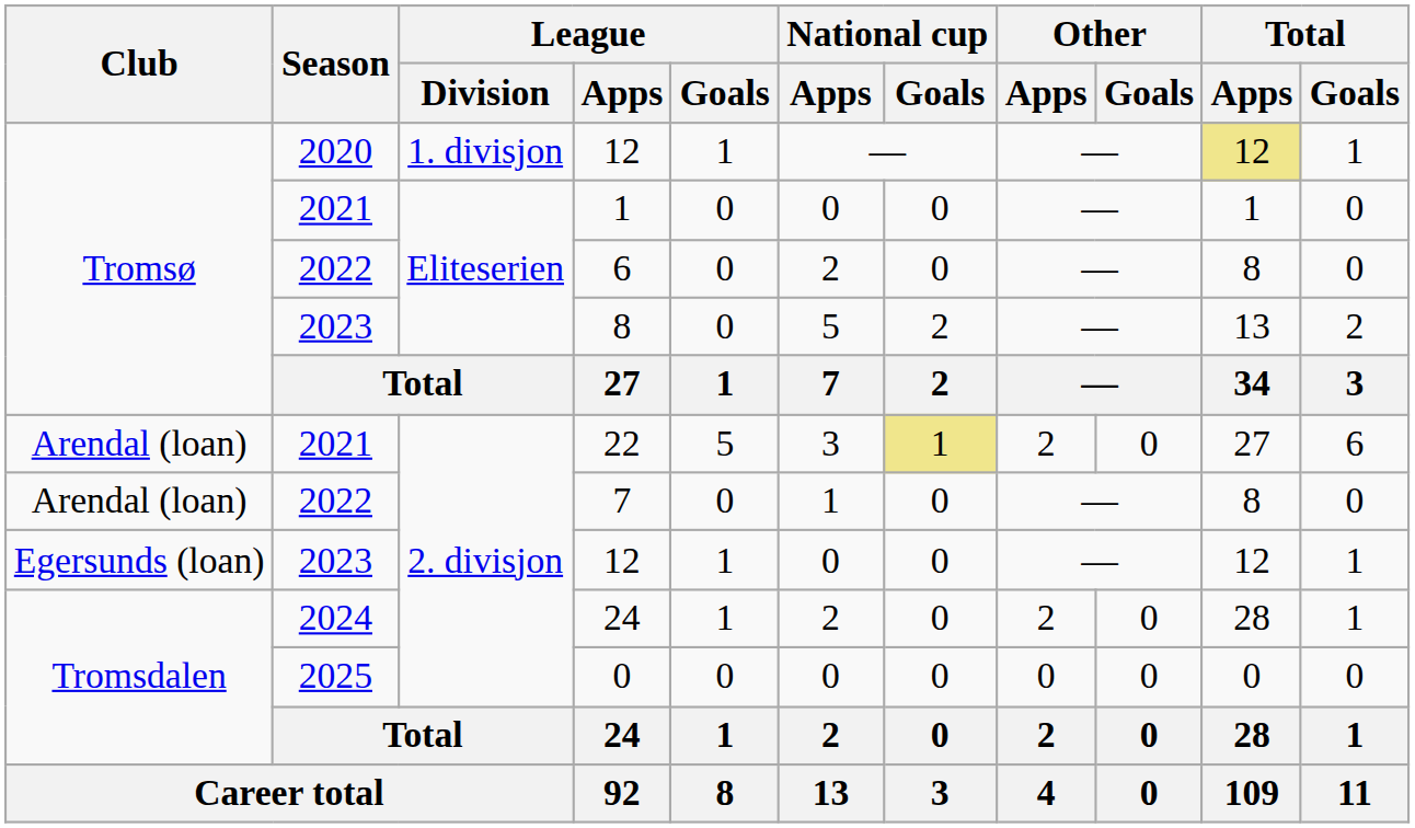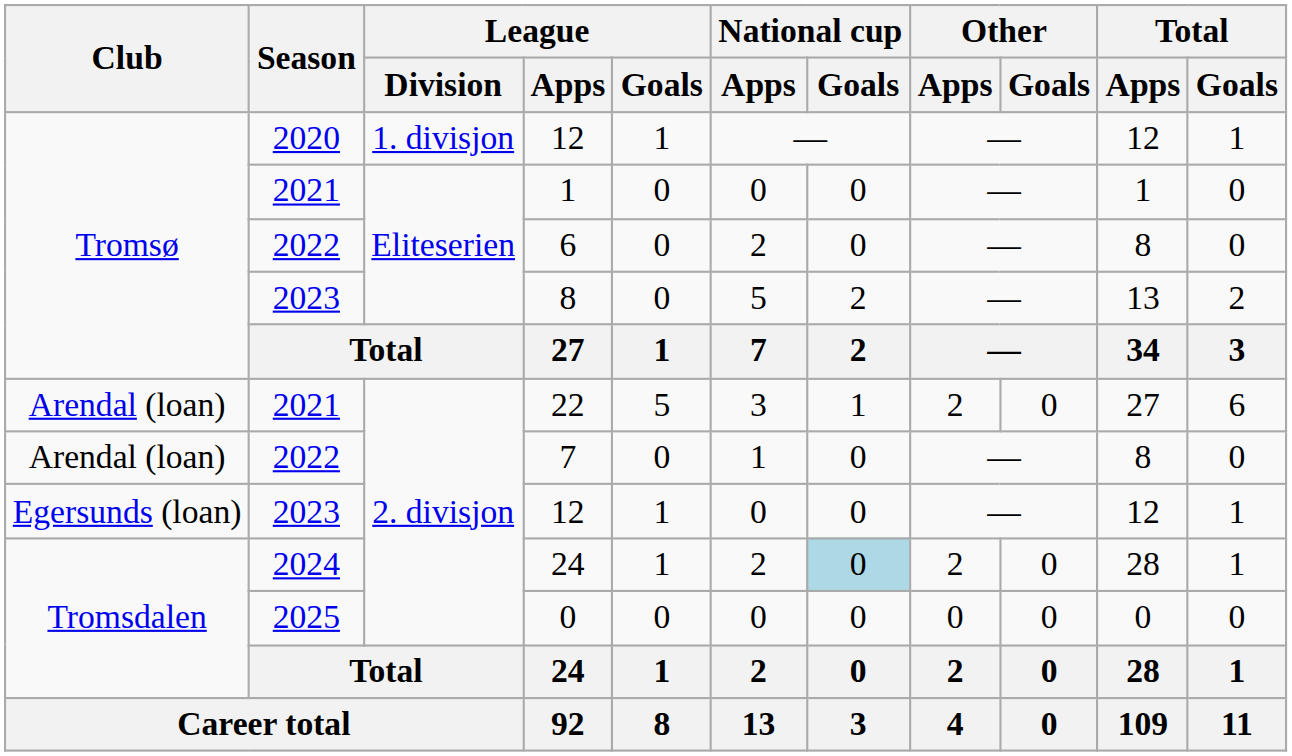 <table class="wikitable" style="text-align: center;">
 <tr>
 <th rowspan=2>Club</th>
 <th rowspan=2>Season</th>
 <th colspan=3>League</th>
 <th colspan=2>National cup</th>
 <th colspan=2>Other</th>
 <th colspan=2>Total</th>
 </tr>
 <tr>
 <th>Division</th>
 <th>Apps</th>
 <th>Goals</th>
 <th>Apps</th>
 <th>Goals</th>
 <th>Apps</th>
 <th>Goals</th>
 <th>Apps</th>
 <th>Goals</th>
 </tr>
 <tr>
 <td rowspan=5><a href='#'>Tromsø</a></td>
 <td><a href='#'>2020</a></td>
 <td><a href='#'>1. divisjon</a></td>
 <td>12</td>
 <td>1</td>
 <td colspan=2>—</td>
 <td colspan=2>—</td>
-<td style="background: khaki;">12</td>
+<td>12</td>
 <td>1</td>
 </tr>
 <tr>
 <td><a href='#'>2021</a></td>
 <td rowspan=3><a href='#'>Eliteserien</a></td>
 <td>1</td>
 <td>0</td>
 <td>0</td>
 <td>0</td>
 <td colspan=2>—</td>
 <td>1</td>
 <td>0</td>
 </tr>
 <tr>
 <td><a href='#'>2022</a></td>
 <td>6</td>
 <td>0</td>
 <td>2</td>
 <td>0</td>
 <td colspan=2>—</td>
 <td>8</td>
 <td>0</td>
 </tr>
 <tr>
 <td><a href='#'>2023</a></td>
 <td>8</td>
 <td>0</td>
 <td>5</td>
 <td>2</td>
 <td colspan=2>—</td>
 <td>13</td>
 <td>2</td>
 </tr>
 <tr>
 <th colspan=2>Total</th>
 <th>27</th>
 <th>1</th>
 <th>7</th>
 <th>2</th>
 <th colspan=2>—</th>
 <th>34</th>
 <th>3</th>
 </tr>
 <tr>
 <td><a href='#'>Arendal</a> (loan)</td>
 <td><a href='#'>2021</a></td>
 <td rowspan=5><a href='#'>2. divisjon</a></td>
 <td>22</td>
 <td>5</td>
 <td>3</td>
-<td style="background: khaki;">1</td>
+<td>1</td>
 <td>2</td>
 <td>0</td>
 <td>27</td>
 <td>6</td>
 </tr>
 <tr>
 <td>Arendal (loan)</td>
 <td><a href='#'>2022</a></td>
 <td>7</td>
 <td>0</td>
 <td>1</td>
 <td>0</td>
 <td colspan=2>—</td>
 <td>8</td>
 <td>0</td>
 </tr>
 <tr>
 <td><a href='#'>Egersunds</a> (loan)</td>
 <td><a href='#'>2023</a></td>
 <td>12</td>
 <td>1</td>
 <td>0</td>
 <td>0</td>
 <td colspan=2>—</td>
 <td>12</td>
 <td>1</td>
 </tr>
 <tr>
 <td rowspan=3><a href='#'>Tromsdalen</a></td>
 <td><a href='#'>2024</a></td>
 <td>24</td>
 <td>1</td>
 <td>2</td>
-<td>0</td>
+<td style="background: lightblue;">0</td>
 <td>2</td>
 <td>0</td>
 <td>28</td>
 <td>1</td>
 </tr>
 <tr>
 <td><a href='#'>2025</a></td>
 <td>0</td>
 <td>0</td>
 <td>0</td>
 <td>0</td>
 <td>0</td>
 <td>0</td>
 <td>0</td>
 <td>0</td>
 </tr>
 <tr>
 <th colspan=2>Total</th>
 <th>24</th>
 <th>1</th>
 <th>2</th>
 <th>0</th>
 <th>2</th>
 <th>0</th>
 <th>28</th>
 <th>1</th>
 </tr>
 <tr>
 <th colspan=3>Career total</th>
 <th>92</th>
 <th>8</th>
 <th>13</th>
 <th>3</th>
 <th>4</th>
 <th>0</th>
 <th>109</th>
 <th>11</th>
 </tr>
 </table>
